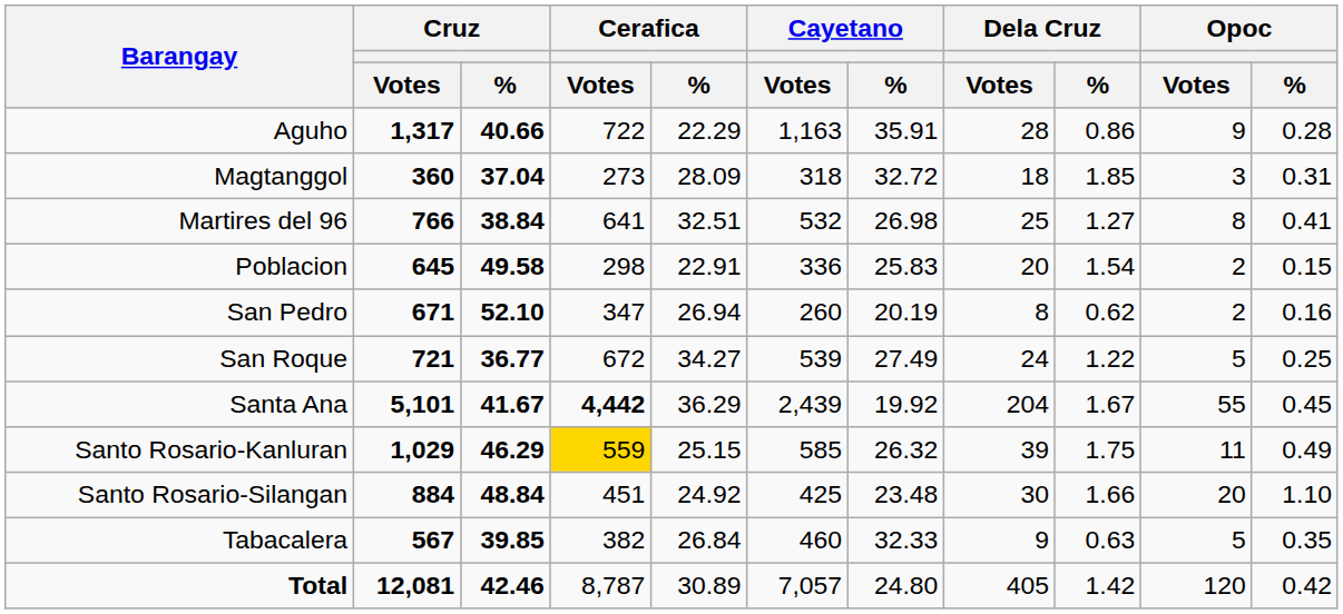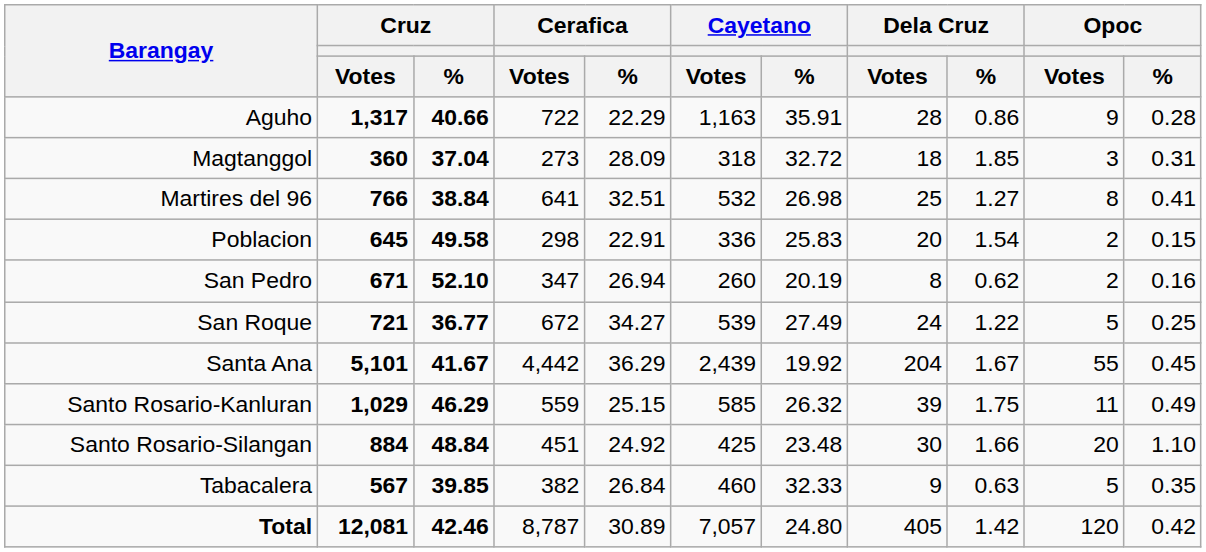 <table class="wikitable collapsible collapsed" style="text-align:right; font-size:95%; line-height:20px;">
 <tr>
 <th rowspan="3" width="200"><a href='#'>Barangay</a></th>
 <th colspan="2" width="110">Cruz</th>
 <th colspan="2" width="110">Cerafica</th>
 <th colspan="2" width="110"><a href='#'> Cayetano</a></th>
 <th colspan="2" width="110">Dela Cruz</th>
 <th colspan="2" width="110">Opoc</th>
 </tr>
 <tr>
 <th colspan="2" style="background:"></th>
 <th colspan="2" style="background:"></th>
 <th colspan="2" style="background:"></th>
 <th colspan="2" style="background:"></th>
 <th colspan="2" style="background:"></th>
 </tr>
 <tr>
 <th>Votes</th>
 <th>%</th>
 <th>Votes</th>
 <th>%</th>
 <th>Votes</th>
 <th>%</th>
 <th>Votes</th>
 <th>%</th>
 <th>Votes</th>
 <th>%</th>
 </tr>
 <tr>
 <td>Aguho</td>
 <td style="background:#"><strong>1,317</strong></td>
 <td style="background:#"><strong>40.66</strong></td>
 <td>722</td>
 <td>22.29</td>
 <td>1,163</td>
 <td>35.91</td>
 <td>28</td>
 <td>0.86</td>
 <td>9</td>
 <td>0.28</td>
 </tr>
 <tr>
 <td>Magtanggol</td>
 <td style="background:#"><strong>360</strong></td>
 <td style="background:#"><strong>37.04</strong></td>
 <td>273</td>
 <td>28.09</td>
 <td>318</td>
 <td>32.72</td>
 <td>18</td>
 <td>1.85</td>
 <td>3</td>
 <td>0.31</td>
 </tr>
 <tr>
 <td>Martires del 96</td>
 <td style="background:#"><strong>766</strong></td>
 <td style="background:#"><strong>38.84</strong></td>
 <td>641</td>
 <td>32.51</td>
 <td>532</td>
 <td>26.98</td>
 <td>25</td>
 <td>1.27</td>
 <td>8</td>
 <td>0.41</td>
 </tr>
 <tr>
 <td>Poblacion</td>
 <td style="background:#"><strong>645</strong></td>
 <td style="background:#"><strong>49.58</strong></td>
 <td>298</td>
 <td>22.91</td>
 <td>336</td>
 <td>25.83</td>
 <td>20</td>
 <td>1.54</td>
 <td>2</td>
 <td>0.15</td>
 </tr>
 <tr>
 <td>San Pedro</td>
 <td style="background:#"><strong>671</strong></td>
 <td style="background:#"><strong>52.10</strong></td>
 <td>347</td>
 <td>26.94</td>
 <td>260</td>
 <td>20.19</td>
 <td>8</td>
 <td>0.62</td>
 <td>2</td>
 <td>0.16</td>
 </tr>
 <tr>
 <td>San Roque</td>
 <td style="background:#"><strong>721</strong></td>
 <td style="background:#"><strong>36.77</strong></td>
 <td>672</td>
 <td>34.27</td>
 <td>539</td>
 <td>27.49</td>
 <td>24</td>
 <td>1.22</td>
 <td>5</td>
 <td>0.25</td>
 </tr>
 <tr>
 <td>Santa Ana</td>
 <td style="background:#"><strong>5,101</strong></td>
 <td style="background:#"><strong>41.67</strong></td>
-<td><strong>4,442</strong></td>
+<td>4,442</td>
 <td>36.29</td>
 <td>2,439</td>
 <td>19.92</td>
 <td>204</td>
 <td>1.67</td>
 <td>55</td>
 <td>0.45</td>
 </tr>
 <tr>
 <td>Santo Rosario-Kanluran</td>
 <td style="background:#"><strong>1,029</strong></td>
 <td style="background:#"><strong>46.29</strong></td>
-<td style="background: gold;">559</td>
+<td>559</td>
 <td>25.15</td>
 <td>585</td>
 <td>26.32</td>
 <td>39</td>
 <td>1.75</td>
 <td>11</td>
 <td>0.49</td>
 </tr>
 <tr>
 <td>Santo Rosario-Silangan</td>
 <td style="background:#"><strong>884</strong></td>
 <td style="background:#"><strong>48.84</strong></td>
 <td>451</td>
 <td>24.92</td>
 <td>425</td>
 <td>23.48</td>
 <td>30</td>
 <td>1.66</td>
 <td>20</td>
 <td>1.10</td>
 </tr>
 <tr>
 <td>Tabacalera</td>
 <td style="background:#"><strong>567</strong></td>
 <td style="background:#"><strong>39.85</strong></td>
 <td>382</td>
 <td>26.84</td>
 <td>460</td>
 <td>32.33</td>
 <td>9</td>
 <td>0.63</td>
 <td>5</td>
 <td>0.35</td>
 </tr>
 <tr>
 <td><strong>Total</strong></td>
 <td style="background:#"><strong>12,081</strong></td>
 <td style="background:#"><strong>42.46</strong></td>
 <td>8,787</td>
 <td>30.89</td>
 <td>7,057</td>
 <td>24.80</td>
 <td>405</td>
 <td>1.42</td>
 <td>120</td>
 <td>0.42</td>
 </tr>
 </table>
